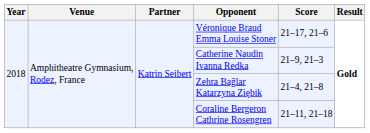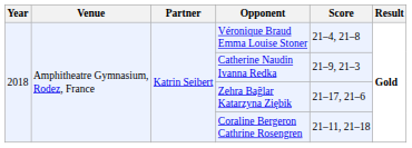 <table class="sortable wikitable" style="font-size: 90%;">
 <tr>
 <th>Year</th>
 <th>Venue</th>
 <th>Partner</th>
 <th>Opponent</th>
 <th>Score</th>
 <th>Result</th>
 </tr>
 <tr style="background:#ECF2FF">
 <td rowspan="4" align="center">2018</td>
 <td rowspan="4" align="left">Amphitheatre Gymnasium,<br><a href='#'>Rodez</a>, France</td>
 <td rowspan="4"> <a href='#'>Katrin Seibert</a></td>
 <td align="left"> <a href='#'>Véronique Braud</a><br> <a href='#'>Emma Louise Stoner</a></td>
-<td align="left">21–17, 21–6</td>
+<td align="left">21–4, 21–8</td>
 <td rowspan="4" style="text-align:left; background:white"> <strong>Gold</strong></td>
 </tr>
 <tr style="background:#ECF2FF">
 <td align="left"> <a href='#'>Catherine Naudin</a><br> <a href='#'>Ivanna Redka</a></td>
 <td align="left">21–9, 21–3</td>
 </tr>
 <tr style="background:#ECF2FF">
 <td align="left"> <a href='#'>Zehra Bağlar</a><br> <a href='#'>Katarzyna Ziębik</a></td>
-<td align="left">21–4, 21–8</td>
+<td align="left">21–17, 21–6</td>
 </tr>
 <tr style="background:#ECF2FF">
 <td align="left"> <a href='#'>Coraline Bergeron</a><br> <a href='#'>Cathrine Rosengren</a></td>
 <td align="left">21–11, 21–18</td>
 </tr>
 </table>
